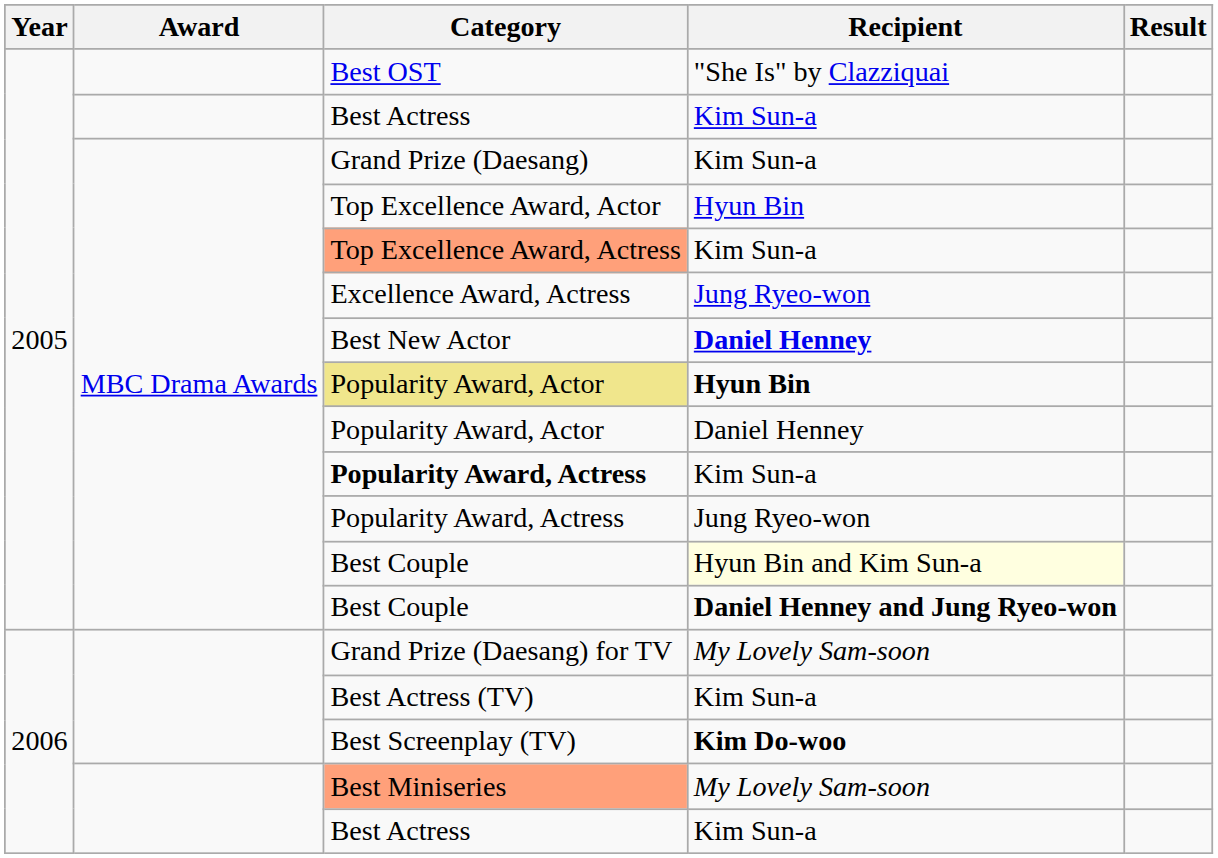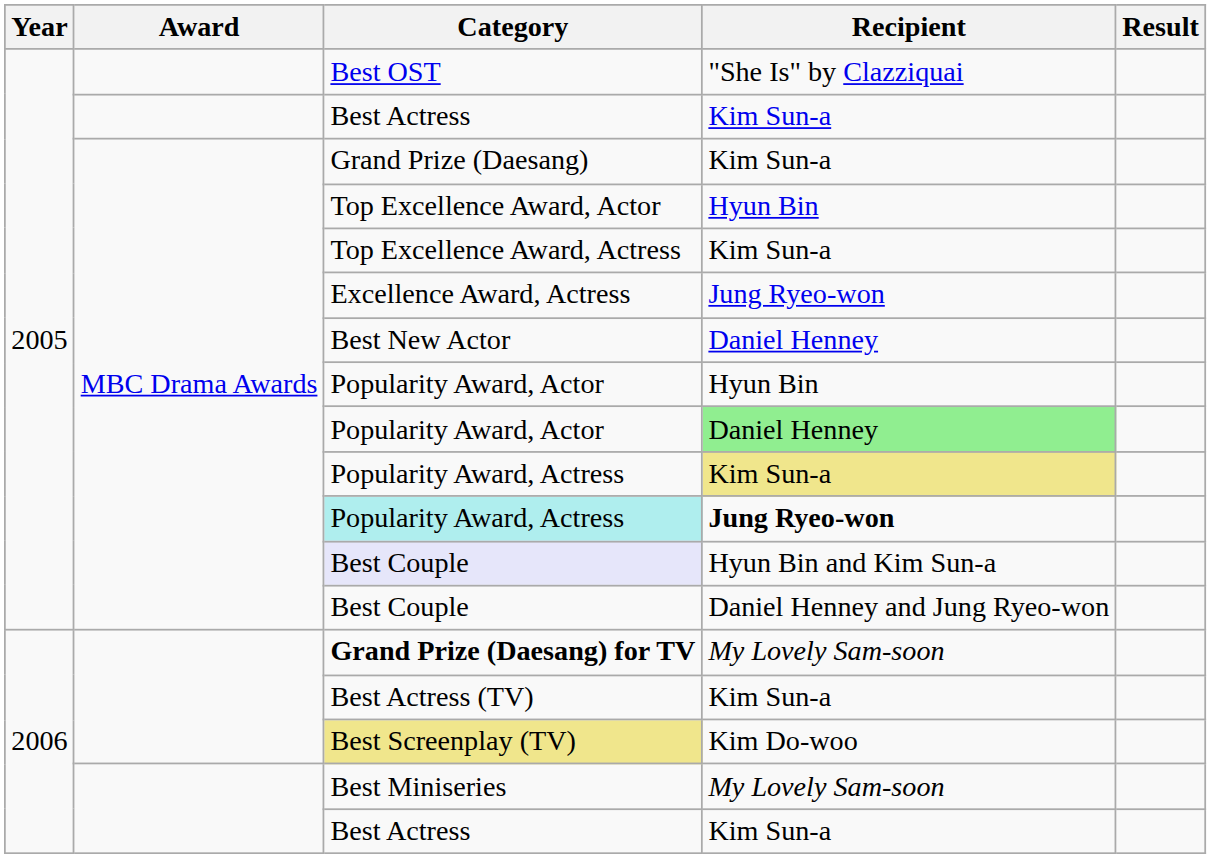 <table class="wikitable">
 <tr>
 <th>Year</th>
 <th>Award</th>
 <th>Category</th>
 <th>Recipient</th>
 <th>Result</th>
 </tr>
 <tr>
 <td rowspan="13">2005</td>
 <td></td>
 <td><a href='#'>Best OST</a></td>
 <td>"She Is" by <a href='#'>Clazziquai</a></td>
 <td></td>
 </tr>
 <tr>
 <td></td>
 <td>Best Actress</td>
 <td><a href='#'>Kim Sun-a</a></td>
 <td></td>
 </tr>
 <tr>
 <td rowspan="11" style="text-align:center;"><a href='#'>MBC Drama Awards</a></td>
 <td>Grand Prize (Daesang)</td>
 <td>Kim Sun-a</td>
 <td></td>
 </tr>
 <tr>
 <td>Top Excellence Award, Actor</td>
 <td><a href='#'>Hyun Bin</a></td>
 <td></td>
 </tr>
 <tr>
-<td style="background: lightsalmon;">Top Excellence Award, Actress</td>
+<td>Top Excellence Award, Actress</td>
 <td>Kim Sun-a</td>
 <td></td>
 </tr>
 <tr>
 <td>Excellence Award, Actress</td>
 <td><a href='#'>Jung Ryeo-won</a></td>
 <td></td>
 </tr>
 <tr>
 <td>Best New Actor</td>
-<td><strong><a href='#'>Daniel Henney</a></strong></td>
-<td></td>
-</tr>
-<tr>
-<td style="background: khaki;">Popularity Award, Actor</td>
-<td><strong>Hyun Bin</strong></td>
+<td><a href='#'>Daniel Henney</a></td>
 <td></td>
 </tr>
 <tr>
 <td>Popularity Award, Actor</td>
-<td>Daniel Henney</td>
+<td>Hyun Bin</td>
 <td></td>
 </tr>
 <tr>
-<td><strong>Popularity Award, Actress</strong></td>
-<td>Kim Sun-a</td>
+<td>Popularity Award, Actor</td>
+<td style="background: lightgreen;">Daniel Henney</td>
 <td></td>
 </tr>
 <tr>
 <td>Popularity Award, Actress</td>
-<td>Jung Ryeo-won</td>
+<td style="background: khaki;">Kim Sun-a</td>
+<td></td>
+</tr>
+<tr>
+<td style="background: paleturquoise;">Popularity Award, Actress</td>
+<td><strong>Jung Ryeo-won</strong></td>
+<td></td>
+</tr>
+<tr>
+<td style="background: lavender;">Best Couple</td>
+<td>Hyun Bin and Kim Sun-a</td>
 <td></td>
 </tr>
 <tr>
 <td>Best Couple</td>
-<td style="background: lightyellow;">Hyun Bin and Kim Sun-a</td>
-<td></td>
-</tr>
-<tr>
-<td>Best Couple</td>
-<td><strong>Daniel Henney and Jung Ryeo-won</strong></td>
+<td>Daniel Henney and Jung Ryeo-won</td>
 <td></td>
 </tr>
 <tr>
 <td rowspan="5">2006</td>
 <td rowspan="3"></td>
-<td>Grand Prize (Daesang) for TV</td>
+<td><strong>Grand Prize (Daesang) for TV</strong></td>
 <td><em>My Lovely Sam-soon</em></td>
 <td></td>
 </tr>
 <tr>
 <td>Best Actress (TV)</td>
 <td>Kim Sun-a</td>
 <td></td>
 </tr>
 <tr>
-<td>Best Screenplay (TV)</td>
-<td><strong>Kim Do-woo</strong></td>
+<td style="background: khaki;">Best Screenplay (TV)</td>
+<td>Kim Do-woo</td>
 <td></td>
 </tr>
 <tr>
 <td rowspan="2"></td>
-<td style="background: lightsalmon;">Best Miniseries</td>
+<td>Best Miniseries</td>
 <td><em>My Lovely Sam-soon</em></td>
 <td></td>
 </tr>
 <tr>
 <td>Best Actress</td>
 <td>Kim Sun-a</td>
 <td></td>
 </tr>
 </table>
